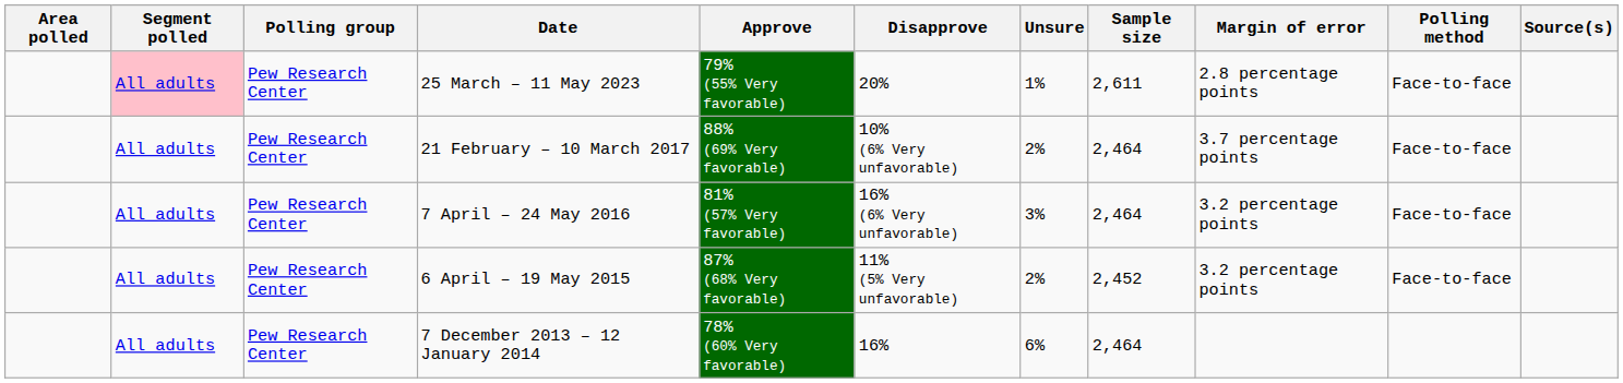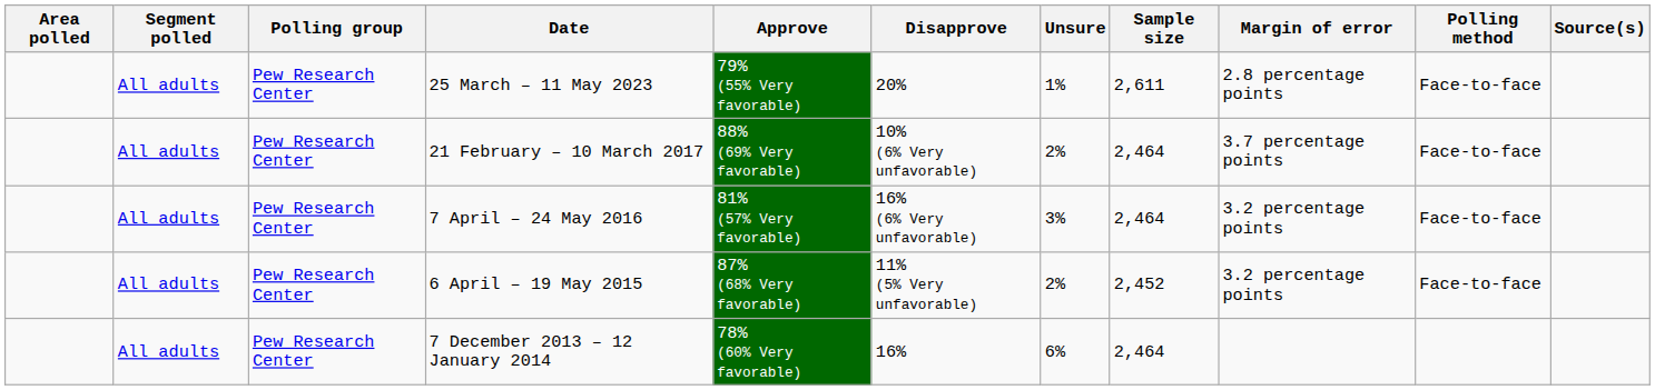 <table class="sortable wikitable static-row-numbers" style="width:100%;">
 <tr style="background:#CCCC;">
 <th>Area polled</th>
 <th>Segment polled</th>
 <th>Polling group</th>
 <th>Date</th>
 <th>Approve</th>
 <th>Disapprove</th>
 <th>Unsure</th>
 <th>Sample size</th>
 <th>Margin of error</th>
 <th>Polling method</th>
 <th>Source(s)</th>
 </tr>
 <tr>
 <td></td>
-<td style="background: pink;"><a href='#'>All adults</a></td>
+<td><a href='#'>All adults</a></td>
 <td><a href='#'>Pew Research Center</a></td>
 <td>25 March – 11 May 2023</td>
 <td style="background:#006800; color: white">79%<br><small>(55% Very favorable)</small></td>
 <td>20%</td>
 <td>1%</td>
 <td>2,611</td>
 <td>2.8 percentage points</td>
 <td>Face-to-face</td>
 <td></td>
 </tr>
 <tr>
 <td></td>
 <td><a href='#'>All adults</a></td>
 <td><a href='#'>Pew Research Center</a></td>
 <td>21 February – 10 March 2017</td>
 <td style="background:#006800; color: white">88%<br><small>(69% Very favorable)</small></td>
 <td>10%<br><small>(6% Very unfavorable)</small></td>
 <td>2%</td>
 <td>2,464</td>
 <td>3.7 percentage points</td>
 <td>Face-to-face</td>
 <td></td>
 </tr>
 <tr>
 <td></td>
 <td><a href='#'>All adults</a></td>
 <td><a href='#'>Pew Research Center</a></td>
 <td>7 April – 24 May 2016</td>
 <td style="background:#006800; color: white">81%<br><small>(57% Very favorable)</small></td>
 <td>16%<br><small>(6% Very unfavorable)</small></td>
 <td>3%</td>
 <td>2,464</td>
 <td>3.2 percentage points</td>
 <td>Face-to-face</td>
 <td></td>
 </tr>
 <tr>
 <td></td>
 <td><a href='#'>All adults</a></td>
 <td><a href='#'>Pew Research Center</a></td>
 <td>6 April – 19 May 2015</td>
 <td style="background:#006800; color: white">87%<br><small>(68% Very favorable)</small></td>
 <td>11%<br><small>(5% Very unfavorable)</small></td>
 <td>2%</td>
 <td>2,452</td>
 <td>3.2 percentage points</td>
 <td>Face-to-face</td>
 <td></td>
 </tr>
 <tr>
 <td></td>
 <td><a href='#'>All adults</a></td>
 <td><a href='#'>Pew Research Center</a></td>
 <td>7 December 2013 – 12 January 2014</td>
 <td style="background:#006800; color: white">78%<br><small>(60% Very favorable)</small></td>
 <td>16%</td>
 <td>6%</td>
 <td>2,464</td>
 <td></td>
 <td></td>
 <td></td>
 </tr>
 </table>
